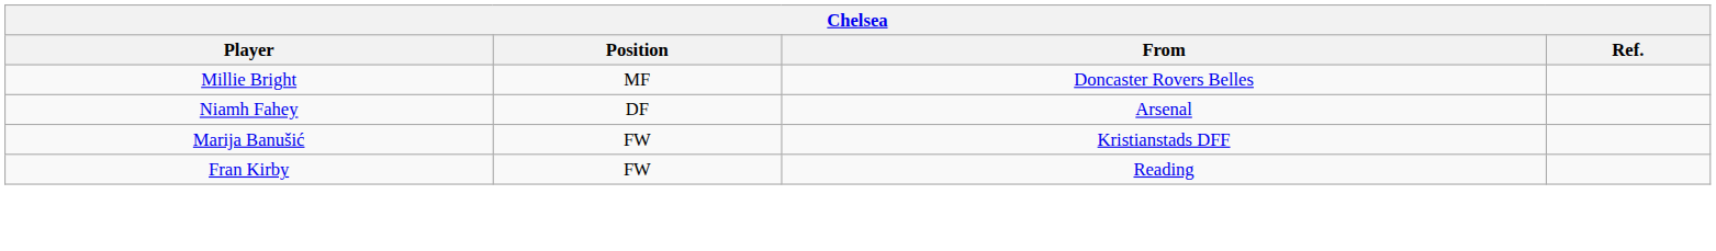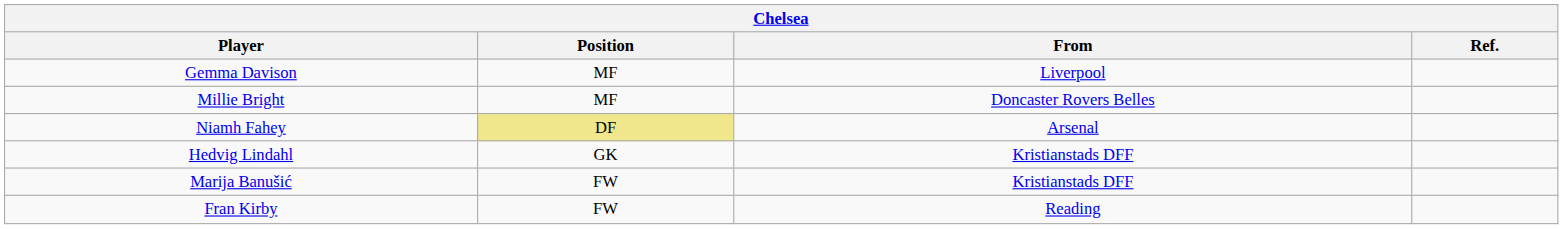 <table class="wikitable sortable collapsible collapsed" style="font-size:95%; text-align: center; width: 90%;">
 <tr>
 <th colspan="4"  style="with:100%; text-align:center;"><strong><a href='#'>Chelsea</a></strong></th>
 </tr>
 <tr>
 <th>Player</th>
 <th>Position</th>
 <th>From</th>
 <th>Ref.</th>
 </tr>
 <tr>
+<td> <a href='#'>Gemma Davison</a></td>
+<td>MF</td>
+<td><a href='#'>Liverpool</a></td>
+<td></td>
+</tr>
+<tr>
 <td> <a href='#'>Millie Bright</a></td>
 <td>MF</td>
 <td><a href='#'>Doncaster Rovers Belles</a></td>
 <td></td>
 </tr>
 <tr>
 <td> <a href='#'>Niamh Fahey</a></td>
-<td>DF</td>
+<td style="background: khaki;">DF</td>
 <td><a href='#'>Arsenal</a></td>
+<td></td>
+</tr>
+<tr>
+<td> <a href='#'>Hedvig Lindahl</a></td>
+<td>GK</td>
+<td><a href='#'>Kristianstads DFF</a></td>
 <td></td>
 </tr>
 <tr>
 <td> <a href='#'>Marija Banušić</a></td>
 <td>FW</td>
 <td><a href='#'>Kristianstads DFF</a></td>
 <td></td>
 </tr>
 <tr>
 <td> <a href='#'>Fran Kirby</a></td>
 <td>FW</td>
 <td><a href='#'>Reading</a></td>
 <td></td>
 </tr>
 </table>
